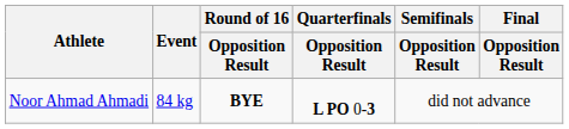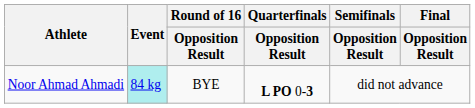 <table class="wikitable" border="1" style="font-size:90%">
 <tr>
 <th rowspan=2>Athlete</th>
 <th rowspan=2>Event</th>
 <th>Round of 16</th>
 <th>Quarterfinals</th>
 <th>Semifinals</th>
 <th>Final</th>
 </tr>
 <tr>
 <th>Opposition<br>Result</th>
 <th>Opposition<br>Result</th>
 <th>Opposition<br>Result</th>
 <th>Opposition<br>Result</th>
 </tr>
 <tr>
 <td><a href='#'>Noor Ahmad Ahmadi</a></td>
-<td><a href='#'>84 kg</a></td>
-<td align=center><strong>BYE</strong></td>
+<td style="background: paleturquoise;"><a href='#'>84 kg</a></td>
+<td align=center>BYE</td>
 <td align=center><br><strong>L PO</strong> 0-<strong>3</strong></td>
 <td align=center colspan="7">did not advance</td>
 </tr>
 </table>
